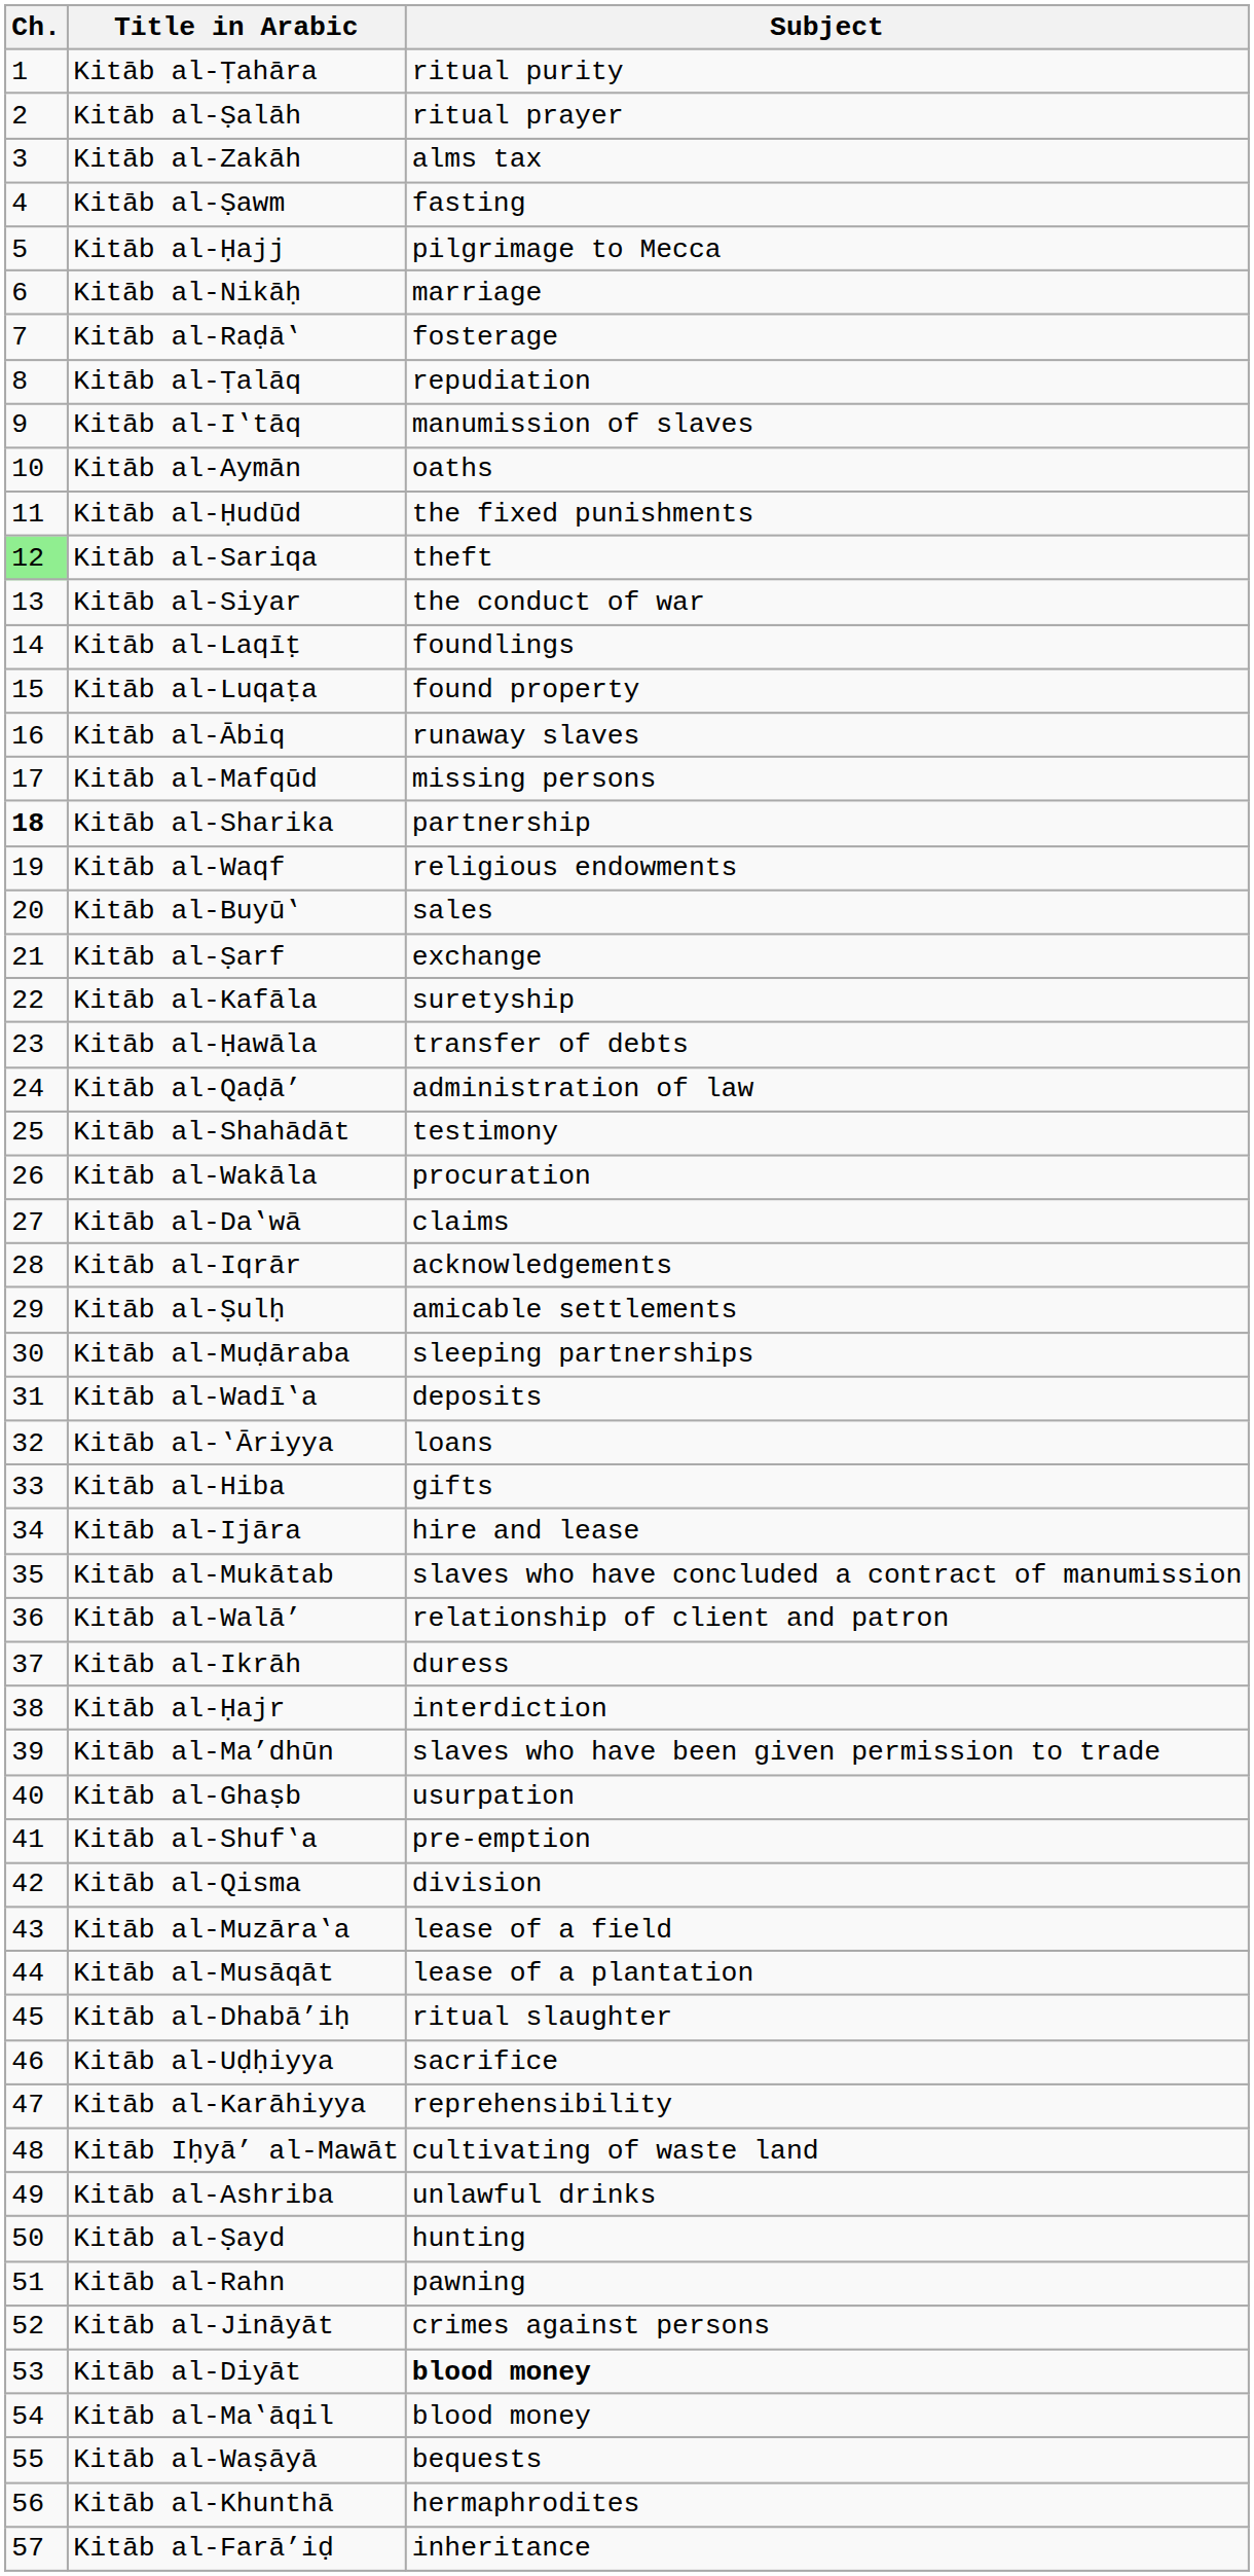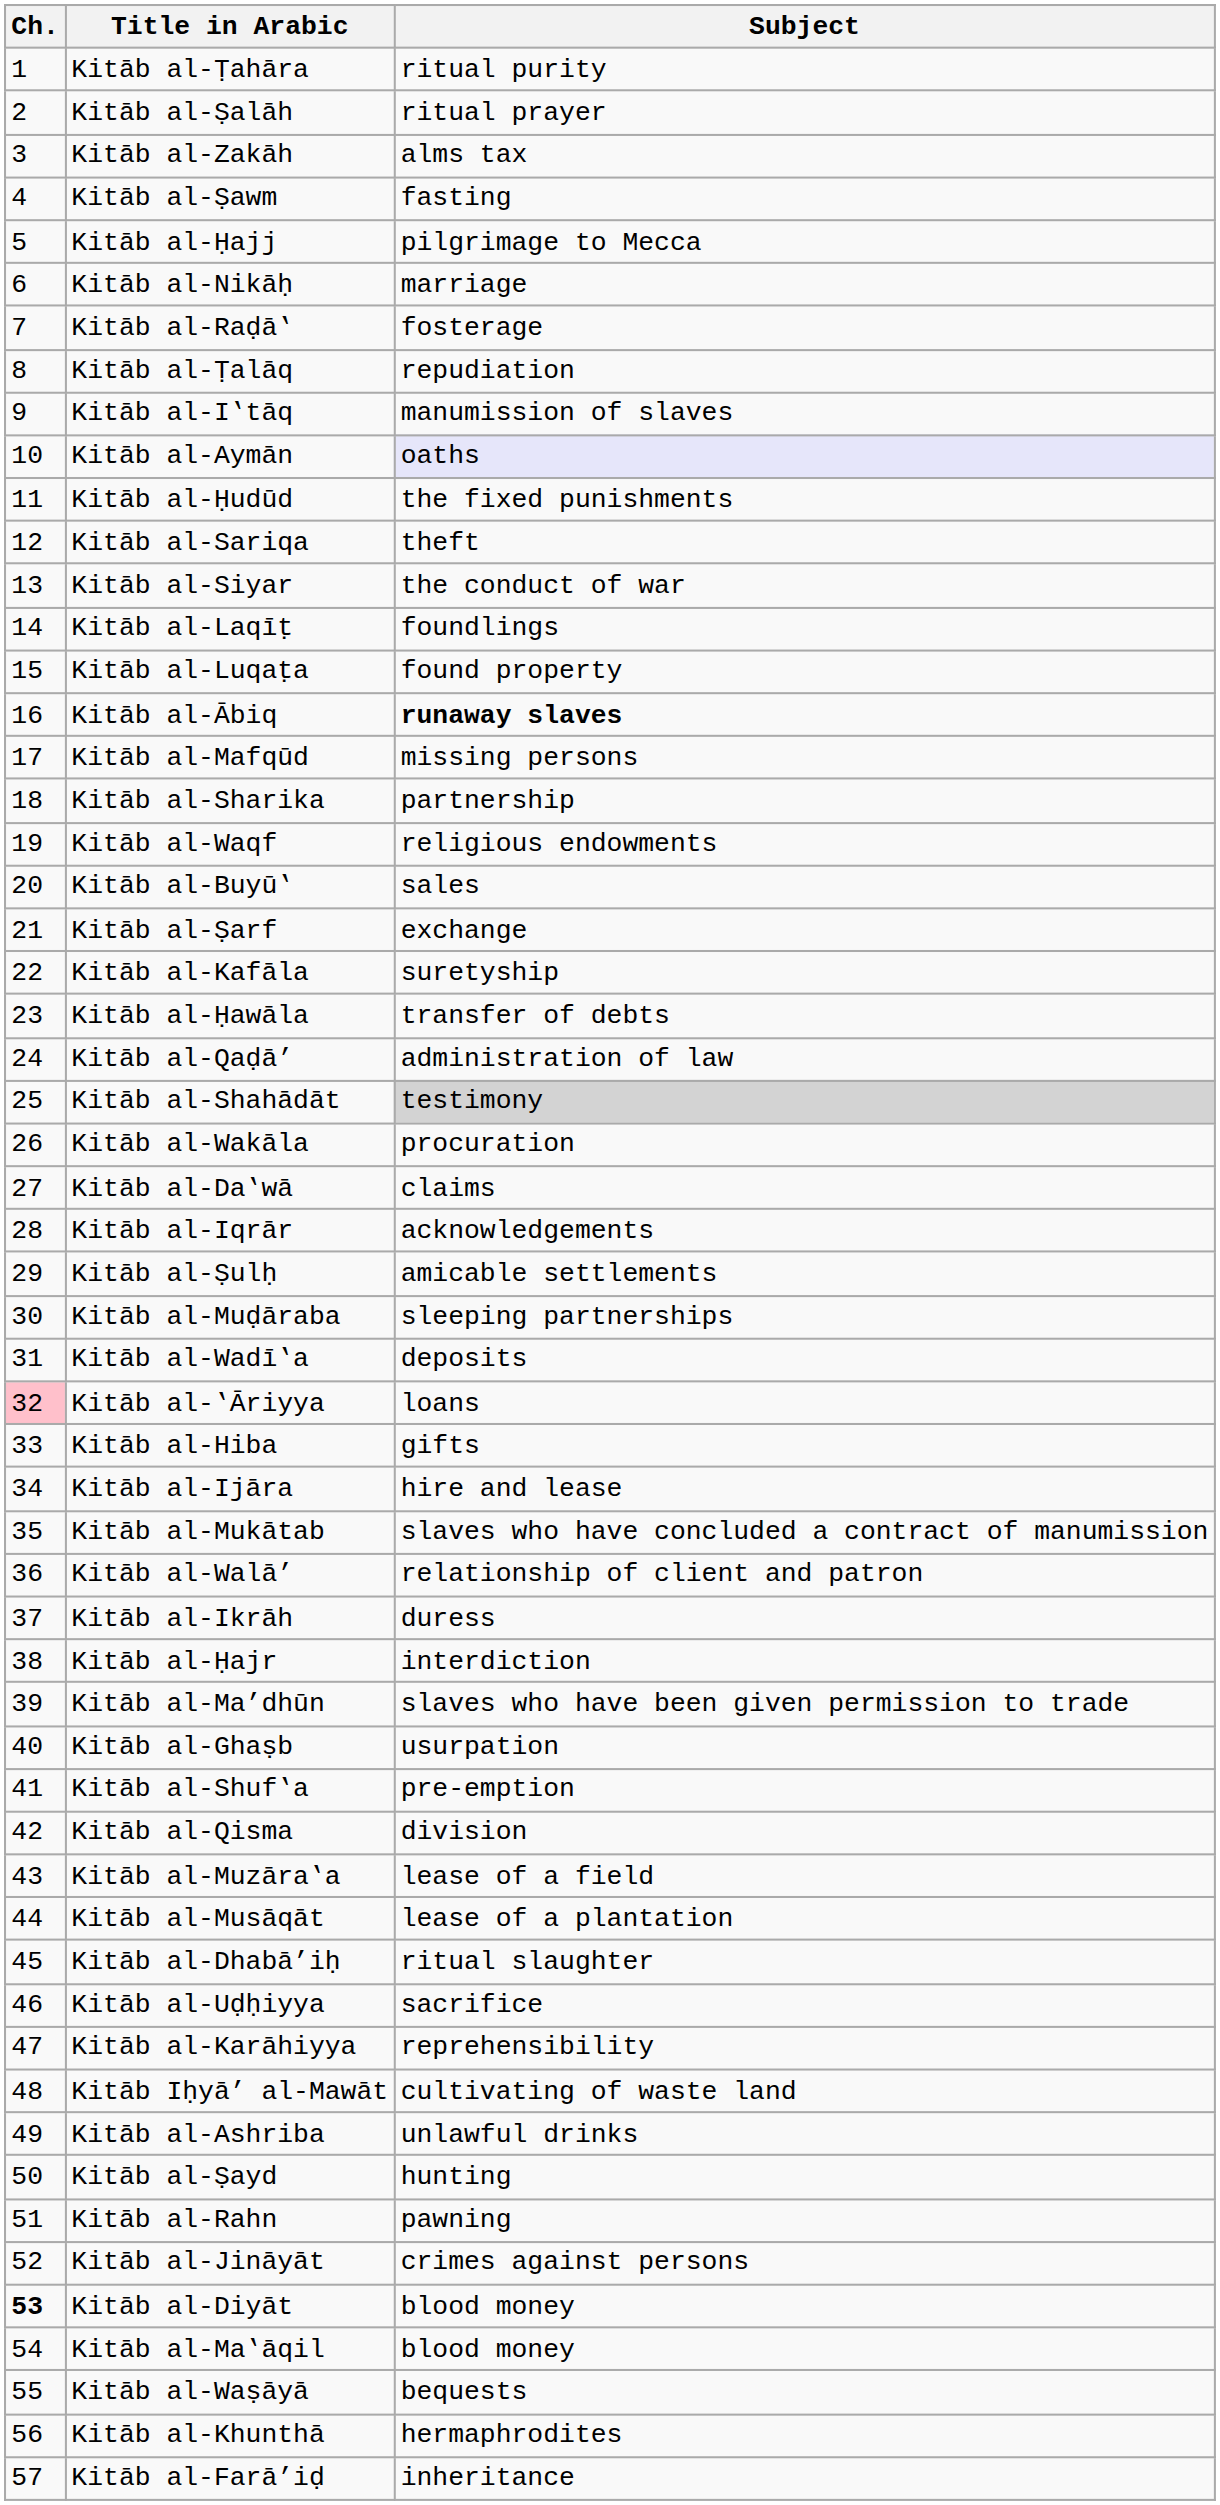 <table class="wikitable">
 <tr>
 <th>Ch.</th>
 <th>Title in Arabic</th>
 <th>Subject</th>
 </tr>
 <tr>
 <td>1</td>
 <td>Kitāb al-Ṭahāra</td>
 <td>ritual purity</td>
 </tr>
 <tr>
 <td>2</td>
 <td>Kitāb al-Ṣalāh</td>
 <td>ritual prayer</td>
 </tr>
 <tr>
 <td>3</td>
 <td>Kitāb al-Zakāh</td>
 <td>alms tax</td>
 </tr>
 <tr>
 <td>4</td>
 <td>Kitāb al-Ṣawm</td>
 <td>fasting</td>
 </tr>
 <tr>
 <td>5</td>
 <td>Kitāb al-Ḥajj</td>
 <td>pilgrimage to Mecca</td>
 </tr>
 <tr>
 <td>6</td>
 <td>Kitāb al-Nikāḥ</td>
 <td>marriage</td>
 </tr>
 <tr>
 <td>7</td>
 <td>Kitāb al-Raḍā‛</td>
 <td>fosterage</td>
 </tr>
 <tr>
 <td>8</td>
 <td>Kitāb al-Ṭalāq</td>
 <td>repudiation</td>
 </tr>
 <tr>
 <td>9</td>
 <td>Kitāb al-I‛tāq</td>
 <td>manumission of slaves</td>
 </tr>
 <tr>
 <td>10</td>
 <td>Kitāb al-Aymān</td>
-<td>oaths</td>
+<td style="background: lavender;">oaths</td>
 </tr>
 <tr>
 <td>11</td>
 <td>Kitāb al-Ḥudūd</td>
 <td>the fixed punishments</td>
 </tr>
 <tr>
-<td style="background: lightgreen;">12</td>
+<td>12</td>
 <td>Kitāb al-Sariqa</td>
 <td>theft</td>
 </tr>
 <tr>
 <td>13</td>
 <td>Kitāb al-Siyar</td>
 <td>the conduct of war</td>
 </tr>
 <tr>
 <td>14</td>
 <td>Kitāb al-Laqīṭ</td>
 <td>foundlings</td>
 </tr>
 <tr>
 <td>15</td>
 <td>Kitāb al-Luqaṭa</td>
 <td>found property</td>
 </tr>
 <tr>
 <td>16</td>
 <td>Kitāb al-Ābiq</td>
-<td>runaway slaves</td>
+<td><strong>runaway slaves</strong></td>
 </tr>
 <tr>
 <td>17</td>
 <td>Kitāb al-Mafqūd</td>
 <td>missing persons</td>
 </tr>
 <tr>
-<td><strong>18</strong></td>
+<td>18</td>
 <td>Kitāb al-Sharika</td>
 <td>partnership</td>
 </tr>
 <tr>
 <td>19</td>
 <td>Kitāb al-Waqf</td>
 <td>religious endowments</td>
 </tr>
 <tr>
 <td>20</td>
 <td>Kitāb al-Buyū‛</td>
 <td>sales</td>
 </tr>
 <tr>
 <td>21</td>
 <td>Kitāb al-Ṣarf</td>
 <td>exchange</td>
 </tr>
 <tr>
 <td>22</td>
 <td>Kitāb al-Kafāla</td>
 <td>suretyship</td>
 </tr>
 <tr>
 <td>23</td>
 <td>Kitāb al-Ḥawāla</td>
 <td>transfer of debts</td>
 </tr>
 <tr>
 <td>24</td>
 <td>Kitāb al-Qaḍā’</td>
 <td>administration of law</td>
 </tr>
 <tr>
 <td>25</td>
 <td>Kitāb al-Shahādāt</td>
-<td>testimony</td>
+<td style="background: lightgrey;">testimony</td>
 </tr>
 <tr>
 <td>26</td>
 <td>Kitāb al-Wakāla</td>
 <td>procuration</td>
 </tr>
 <tr>
 <td>27</td>
 <td>Kitāb al-Da‛wā</td>
 <td>claims</td>
 </tr>
 <tr>
 <td>28</td>
 <td>Kitāb al-Iqrār</td>
 <td>acknowledgements</td>
 </tr>
 <tr>
 <td>29</td>
 <td>Kitāb al-Ṣulḥ</td>
 <td>amicable settlements</td>
 </tr>
 <tr>
 <td>30</td>
 <td>Kitāb al-Muḍāraba</td>
 <td>sleeping partnerships</td>
 </tr>
 <tr>
 <td>31</td>
 <td>Kitāb al-Wadī‛a</td>
 <td>deposits</td>
 </tr>
 <tr>
-<td>32</td>
+<td style="background: pink;">32</td>
 <td>Kitāb al-‛Āriyya</td>
 <td>loans</td>
 </tr>
 <tr>
 <td>33</td>
 <td>Kitāb al-Hiba</td>
 <td>gifts</td>
 </tr>
 <tr>
 <td>34</td>
 <td>Kitāb al-Ijāra</td>
 <td>hire and lease</td>
 </tr>
 <tr>
 <td>35</td>
 <td>Kitāb al-Mukātab</td>
 <td>slaves who have concluded a contract of manumission</td>
 </tr>
 <tr>
 <td>36</td>
 <td>Kitāb al-Walā’</td>
 <td>relationship of client and patron</td>
 </tr>
 <tr>
 <td>37</td>
 <td>Kitāb al-Ikrāh</td>
 <td>duress</td>
 </tr>
 <tr>
 <td>38</td>
 <td>Kitāb al-Ḥajr</td>
 <td>interdiction</td>
 </tr>
 <tr>
 <td>39</td>
 <td>Kitāb al-Ma’dhūn</td>
 <td>slaves who have been given permission to trade</td>
 </tr>
 <tr>
 <td>40</td>
 <td>Kitāb al-Ghaṣb</td>
 <td>usurpation</td>
 </tr>
 <tr>
 <td>41</td>
 <td>Kitāb al-Shuf‛a</td>
 <td>pre-emption</td>
 </tr>
 <tr>
 <td>42</td>
 <td>Kitāb al-Qisma</td>
 <td>division</td>
 </tr>
 <tr>
 <td>43</td>
 <td>Kitāb al-Muzāra‛a</td>
 <td>lease of a field</td>
 </tr>
 <tr>
 <td>44</td>
 <td>Kitāb al-Musāqāt</td>
 <td>lease of a plantation</td>
 </tr>
 <tr>
 <td>45</td>
 <td>Kitāb al-Dhabā’iḥ</td>
 <td>ritual slaughter</td>
 </tr>
 <tr>
 <td>46</td>
 <td>Kitāb al-Uḍḥiyya</td>
 <td>sacrifice</td>
 </tr>
 <tr>
 <td>47</td>
 <td>Kitāb al-Karāhiyya</td>
 <td>reprehensibility</td>
 </tr>
 <tr>
 <td>48</td>
 <td>Kitāb Iḥyā’ al-Mawāt</td>
 <td>cultivating of waste land</td>
 </tr>
 <tr>
 <td>49</td>
 <td>Kitāb al-Ashriba</td>
 <td>unlawful drinks</td>
 </tr>
 <tr>
 <td>50</td>
 <td>Kitāb al-Ṣayd</td>
 <td>hunting</td>
 </tr>
 <tr>
 <td>51</td>
 <td>Kitāb al-Rahn</td>
 <td>pawning</td>
 </tr>
 <tr>
 <td>52</td>
 <td>Kitāb al-Jināyāt</td>
 <td>crimes against persons</td>
 </tr>
 <tr>
-<td>53</td>
+<td><strong>53</strong></td>
 <td>Kitāb al-Diyāt</td>
-<td><strong>blood money</strong></td>
+<td>blood money</td>
 </tr>
 <tr>
 <td>54</td>
 <td>Kitāb al-Ma‛āqil</td>
 <td>blood money</td>
 </tr>
 <tr>
 <td>55</td>
 <td>Kitāb al-Waṣāyā</td>
 <td>bequests</td>
 </tr>
 <tr>
 <td>56</td>
 <td>Kitāb al-Khunthā</td>
 <td>hermaphrodites</td>
 </tr>
 <tr>
 <td>57</td>
 <td>Kitāb al-Farā’iḍ</td>
 <td>inheritance</td>
 </tr>
 </table>
